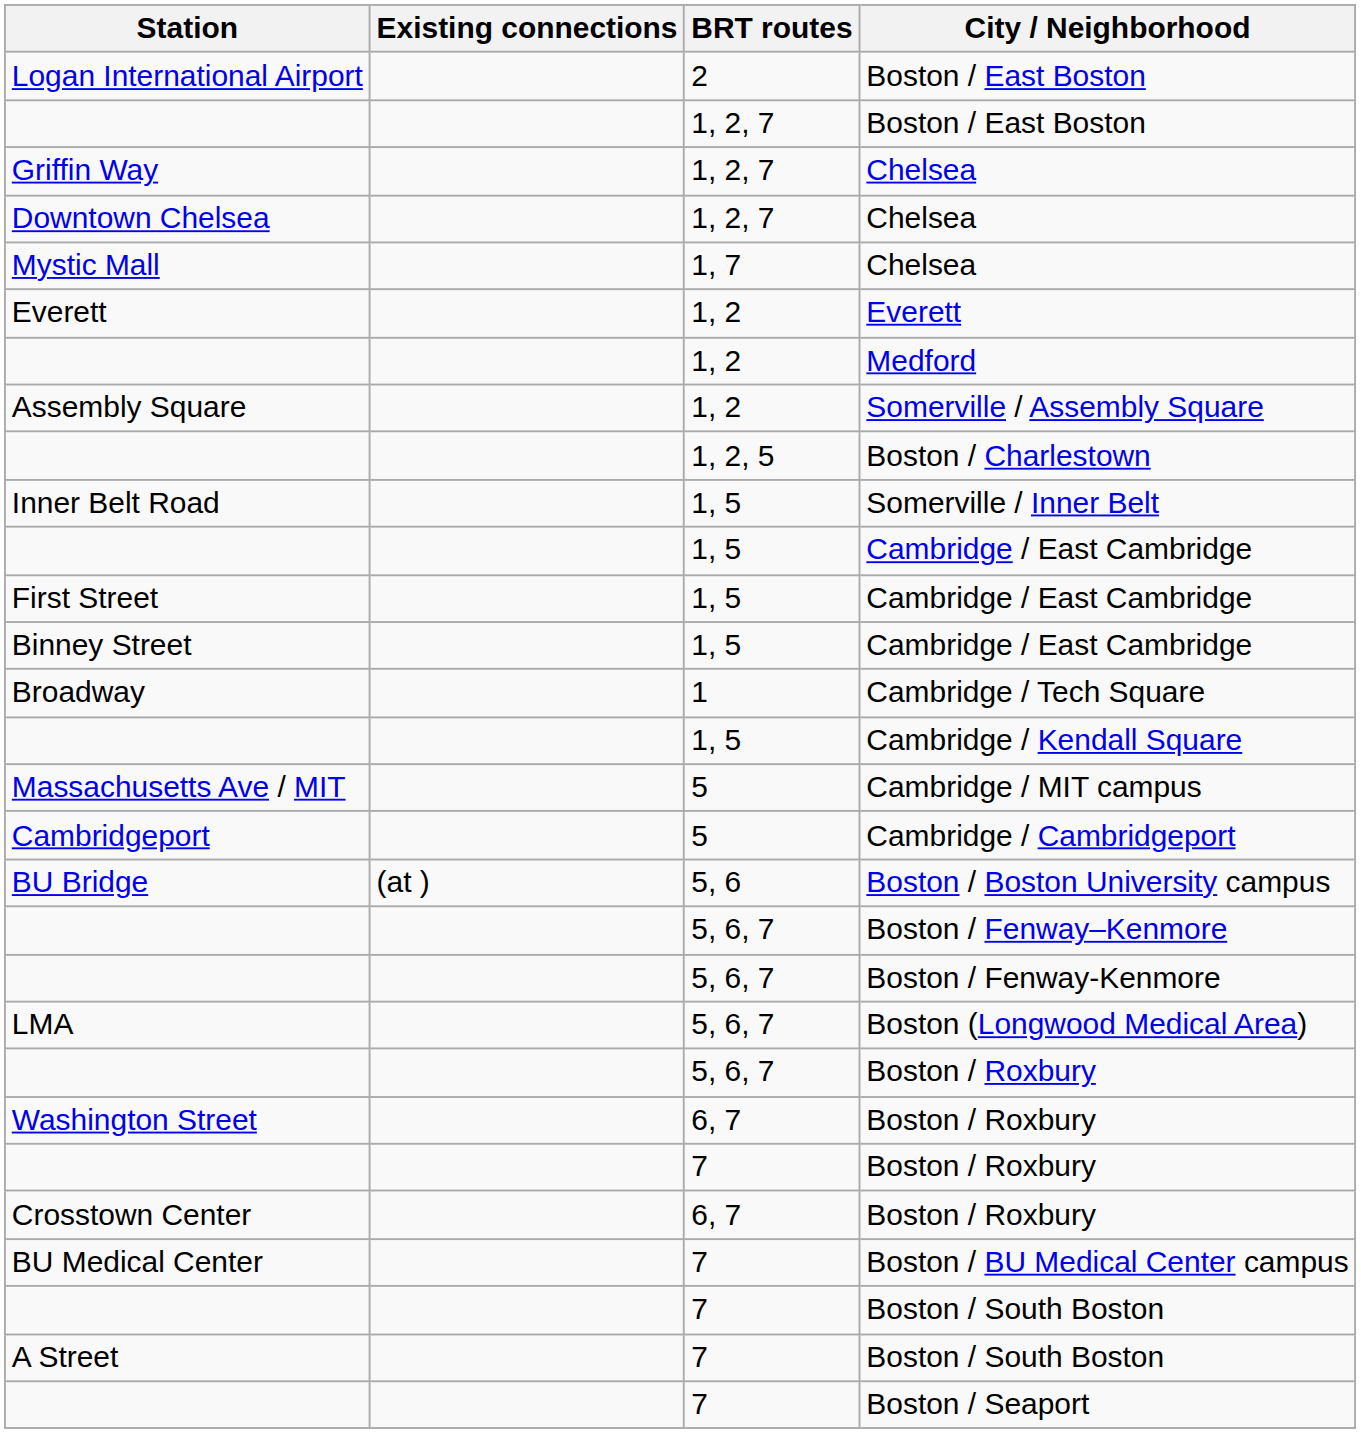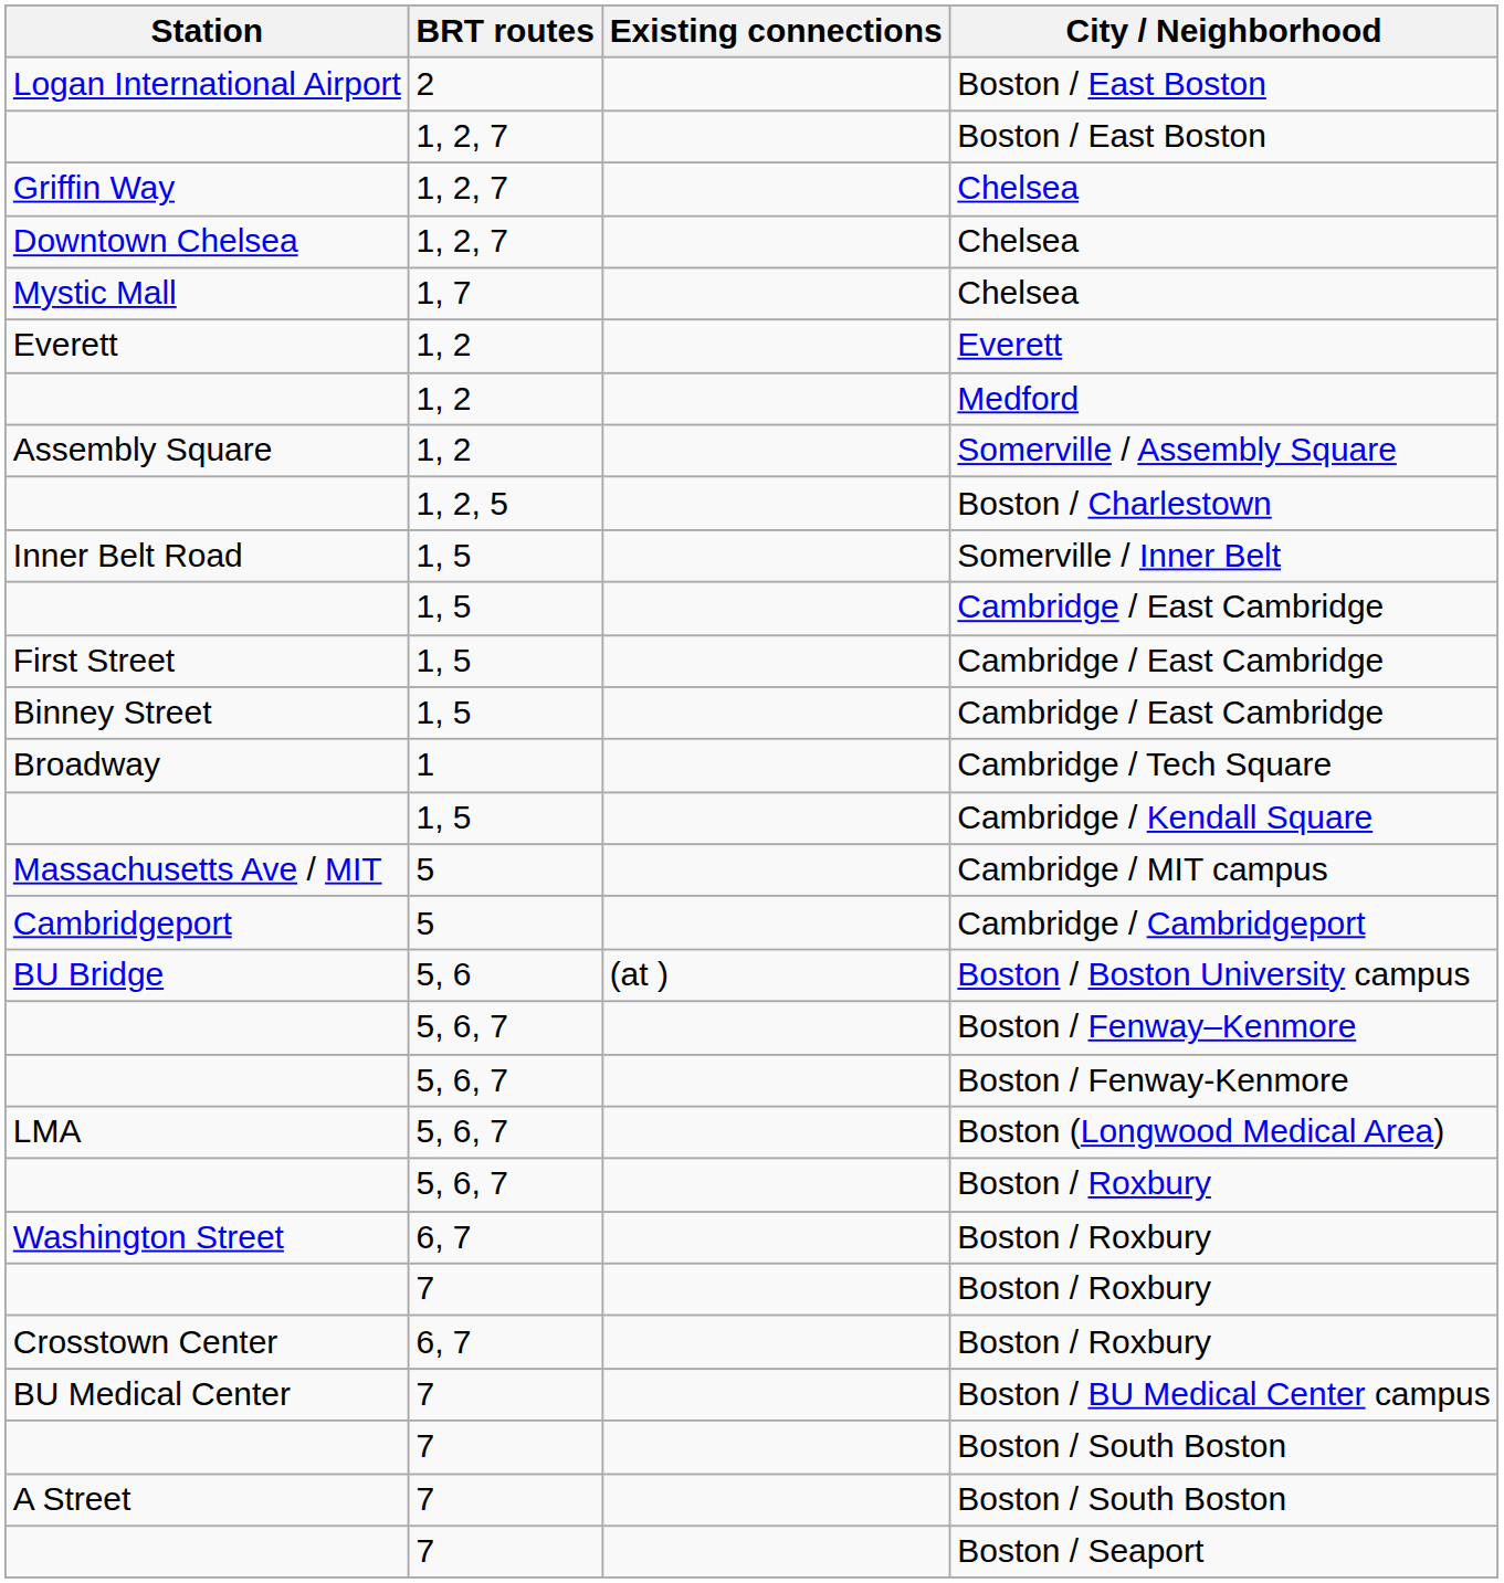 <table class="wikitable">
 <tr>
 <th>Station</th>
+<th>BRT routes</th>
 <th>Existing connections</th>
-<th>BRT routes</th>
 <th>City / Neighborhood</th>
 </tr>
 <tr>
 <td><a href='#'>Logan International Airport</a></td>
+<td>2</td>
 <td></td>
-<td>2</td>
 <td>Boston / <a href='#'>East Boston</a></td>
 </tr>
 <tr>
 <td></td>
+<td>1, 2, 7</td>
 <td></td>
-<td>1, 2, 7</td>
 <td>Boston / East Boston</td>
 </tr>
 <tr>
 <td><a href='#'>Griffin Way</a></td>
+<td>1, 2, 7</td>
 <td></td>
-<td>1, 2, 7</td>
 <td><a href='#'>Chelsea</a></td>
 </tr>
 <tr>
 <td><a href='#'>Downtown Chelsea</a></td>
+<td>1, 2, 7</td>
 <td></td>
-<td>1, 2, 7</td>
 <td>Chelsea</td>
 </tr>
 <tr>
 <td><a href='#'>Mystic Mall</a></td>
+<td>1, 7</td>
 <td></td>
-<td>1, 7</td>
 <td>Chelsea</td>
 </tr>
 <tr>
 <td>Everett</td>
+<td>1, 2</td>
 <td></td>
-<td>1, 2</td>
 <td><a href='#'>Everett</a></td>
 </tr>
 <tr>
 <td></td>
+<td>1, 2</td>
 <td></td>
-<td>1, 2</td>
 <td><a href='#'>Medford</a></td>
 </tr>
 <tr>
 <td>Assembly Square</td>
+<td>1, 2</td>
 <td></td>
-<td>1, 2</td>
 <td><a href='#'>Somerville</a> / <a href='#'>Assembly Square</a></td>
 </tr>
 <tr>
 <td></td>
+<td>1, 2, 5</td>
 <td></td>
-<td>1, 2, 5</td>
 <td>Boston / <a href='#'>Charlestown</a></td>
 </tr>
 <tr>
 <td>Inner Belt Road</td>
+<td>1, 5</td>
 <td></td>
-<td>1, 5</td>
 <td>Somerville / <a href='#'>Inner Belt</a></td>
 </tr>
 <tr>
 <td></td>
+<td>1, 5</td>
 <td></td>
-<td>1, 5</td>
 <td><a href='#'>Cambridge</a> / East Cambridge</td>
 </tr>
 <tr>
 <td>First Street</td>
+<td>1, 5</td>
 <td></td>
-<td>1, 5</td>
 <td>Cambridge / East Cambridge</td>
 </tr>
 <tr>
 <td>Binney Street</td>
+<td>1, 5</td>
 <td></td>
-<td>1, 5</td>
 <td>Cambridge / East Cambridge</td>
 </tr>
 <tr>
 <td>Broadway</td>
+<td>1</td>
 <td></td>
-<td>1</td>
 <td>Cambridge / Tech Square</td>
 </tr>
 <tr>
 <td></td>
+<td>1, 5</td>
 <td></td>
-<td>1, 5</td>
 <td>Cambridge / <a href='#'>Kendall Square</a></td>
 </tr>
 <tr>
 <td><a href='#'>Massachusetts Ave</a> / <a href='#'>MIT</a></td>
+<td>5</td>
 <td></td>
-<td>5</td>
 <td>Cambridge / MIT campus</td>
 </tr>
 <tr>
 <td><a href='#'>Cambridgeport</a></td>
+<td>5</td>
 <td></td>
-<td>5</td>
 <td>Cambridge / <a href='#'>Cambridgeport</a></td>
 </tr>
 <tr>
 <td><a href='#'>BU Bridge</a></td>
+<td>5, 6</td>
 <td> (at )</td>
-<td>5, 6</td>
 <td><a href='#'>Boston</a> / <a href='#'>Boston University</a> campus</td>
 </tr>
 <tr>
 <td></td>
+<td>5, 6, 7</td>
 <td></td>
-<td>5, 6, 7</td>
 <td>Boston / <a href='#'>Fenway–Kenmore</a></td>
 </tr>
 <tr>
 <td></td>
+<td>5, 6, 7</td>
 <td></td>
-<td>5, 6, 7</td>
 <td>Boston / Fenway-Kenmore</td>
 </tr>
 <tr>
 <td>LMA</td>
+<td>5, 6, 7</td>
 <td></td>
-<td>5, 6, 7</td>
 <td>Boston (<a href='#'>Longwood Medical Area</a>)</td>
 </tr>
 <tr>
 <td></td>
+<td>5, 6, 7</td>
 <td><br>  </td>
-<td>5, 6, 7</td>
 <td>Boston / <a href='#'>Roxbury</a></td>
 </tr>
 <tr>
 <td><a href='#'>Washington Street</a></td>
+<td>6, 7</td>
 <td></td>
-<td>6, 7</td>
 <td>Boston / Roxbury</td>
 </tr>
 <tr>
 <td></td>
+<td>7</td>
 <td></td>
-<td>7</td>
 <td>Boston / Roxbury</td>
 </tr>
 <tr>
 <td>Crosstown Center</td>
+<td>6, 7</td>
 <td></td>
-<td>6, 7</td>
 <td>Boston / Roxbury</td>
 </tr>
 <tr>
 <td>BU Medical Center</td>
+<td>7</td>
 <td></td>
-<td>7</td>
 <td>Boston / <a href='#'>BU Medical Center</a> campus</td>
 </tr>
 <tr>
 <td></td>
+<td>7</td>
 <td></td>
-<td>7</td>
 <td>Boston / South Boston</td>
 </tr>
 <tr>
 <td>A Street</td>
+<td>7</td>
 <td></td>
-<td>7</td>
 <td>Boston / South Boston</td>
 </tr>
 <tr>
 <td></td>
+<td>7</td>
 <td></td>
-<td>7</td>
 <td>Boston / Seaport</td>
 </tr>
 </table>
